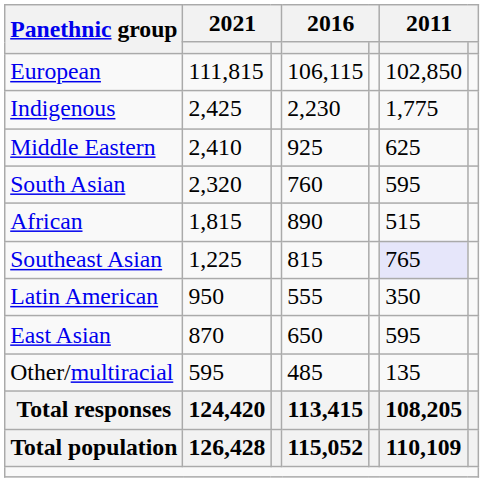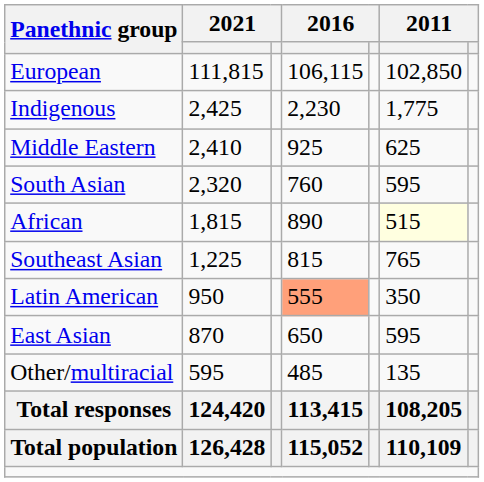 <table class="wikitable collapsible sortable">
 <tr>
 <th rowspan="2"><a href='#'>Panethnic</a> group</th>
 <th colspan="2">2021</th>
 <th colspan="2">2016</th>
 <th colspan="2">2011</th>
 </tr>
 <tr>
 <th><a href='#'></a></th>
 <th></th>
 <th></th>
 <th></th>
 <th></th>
 <th></th>
 </tr>
 <tr>
 <td><a href='#'>European</a></td>
 <td>111,815</td>
 <td></td>
 <td>106,115</td>
 <td></td>
 <td>102,850</td>
 <td></td>
 </tr>
 <tr>
 <td><a href='#'>Indigenous</a></td>
 <td>2,425</td>
 <td></td>
 <td>2,230</td>
 <td></td>
 <td>1,775</td>
 <td></td>
 </tr>
 <tr>
 <td><a href='#'>Middle Eastern</a></td>
 <td>2,410</td>
 <td></td>
 <td>925</td>
 <td></td>
 <td>625</td>
 <td></td>
 </tr>
 <tr>
 <td><a href='#'>South Asian</a></td>
 <td>2,320</td>
 <td></td>
 <td>760</td>
 <td></td>
 <td>595</td>
 <td></td>
 </tr>
 <tr>
 <td><a href='#'>African</a></td>
 <td>1,815</td>
 <td></td>
 <td>890</td>
 <td></td>
-<td>515</td>
+<td style="background: lightyellow;">515</td>
 <td></td>
 </tr>
 <tr>
 <td><a href='#'>Southeast Asian</a></td>
 <td>1,225</td>
 <td></td>
 <td>815</td>
 <td></td>
-<td style="background: lavender;">765</td>
+<td>765</td>
 <td></td>
 </tr>
 <tr>
 <td><a href='#'>Latin American</a></td>
 <td>950</td>
 <td></td>
-<td>555</td>
+<td style="background: lightsalmon;">555</td>
 <td></td>
 <td>350</td>
 <td></td>
 </tr>
 <tr>
 <td><a href='#'>East Asian</a></td>
 <td>870</td>
 <td></td>
 <td>650</td>
 <td></td>
 <td>595</td>
 <td></td>
 </tr>
 <tr>
 <td>Other/<a href='#'>multiracial</a></td>
 <td>595</td>
 <td></td>
 <td>485</td>
 <td></td>
 <td>135</td>
 <td></td>
 </tr>
 <tr>
 <th>Total responses</th>
 <th>124,420</th>
 <th></th>
 <th>113,415</th>
 <th></th>
 <th>108,205</th>
 <th></th>
 </tr>
 <tr class="sortbottom">
 <th>Total population</th>
 <th>126,428</th>
 <th></th>
 <th>115,052</th>
 <th></th>
 <th>110,109</th>
 <th></th>
 </tr>
 <tr class="sortbottom">
 <td colspan="15"></td>
 </tr>
 </table>
